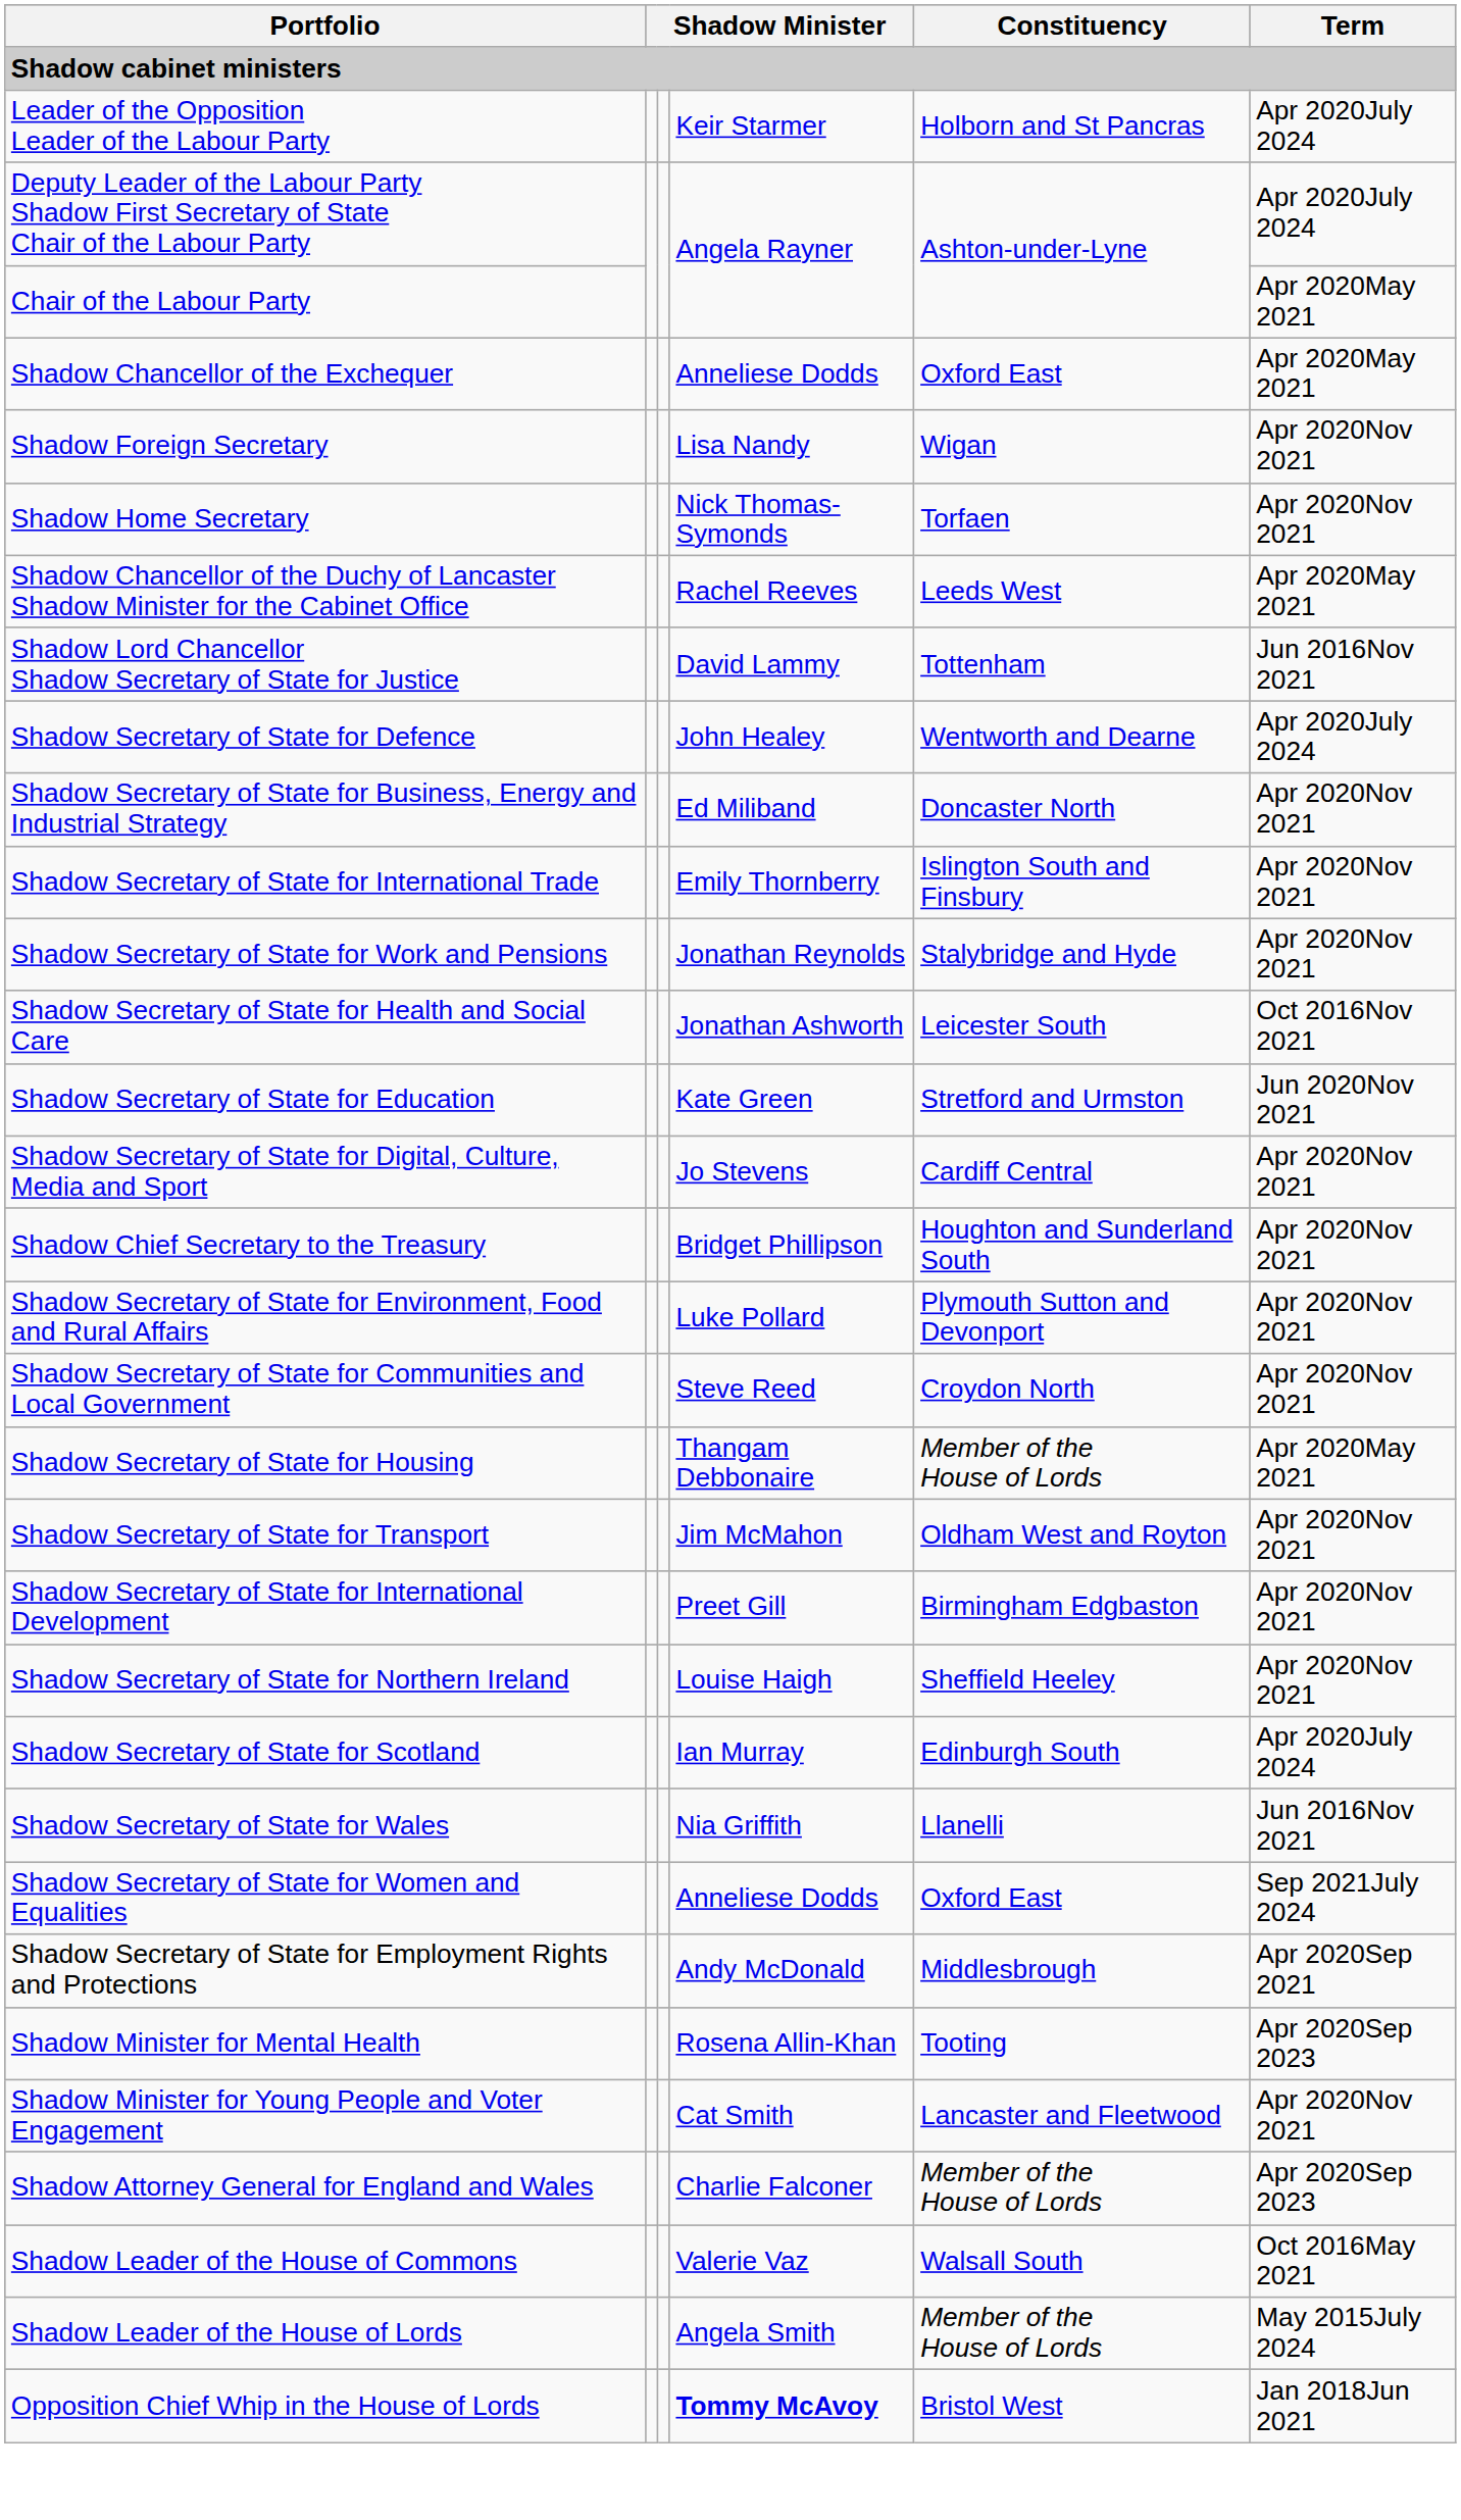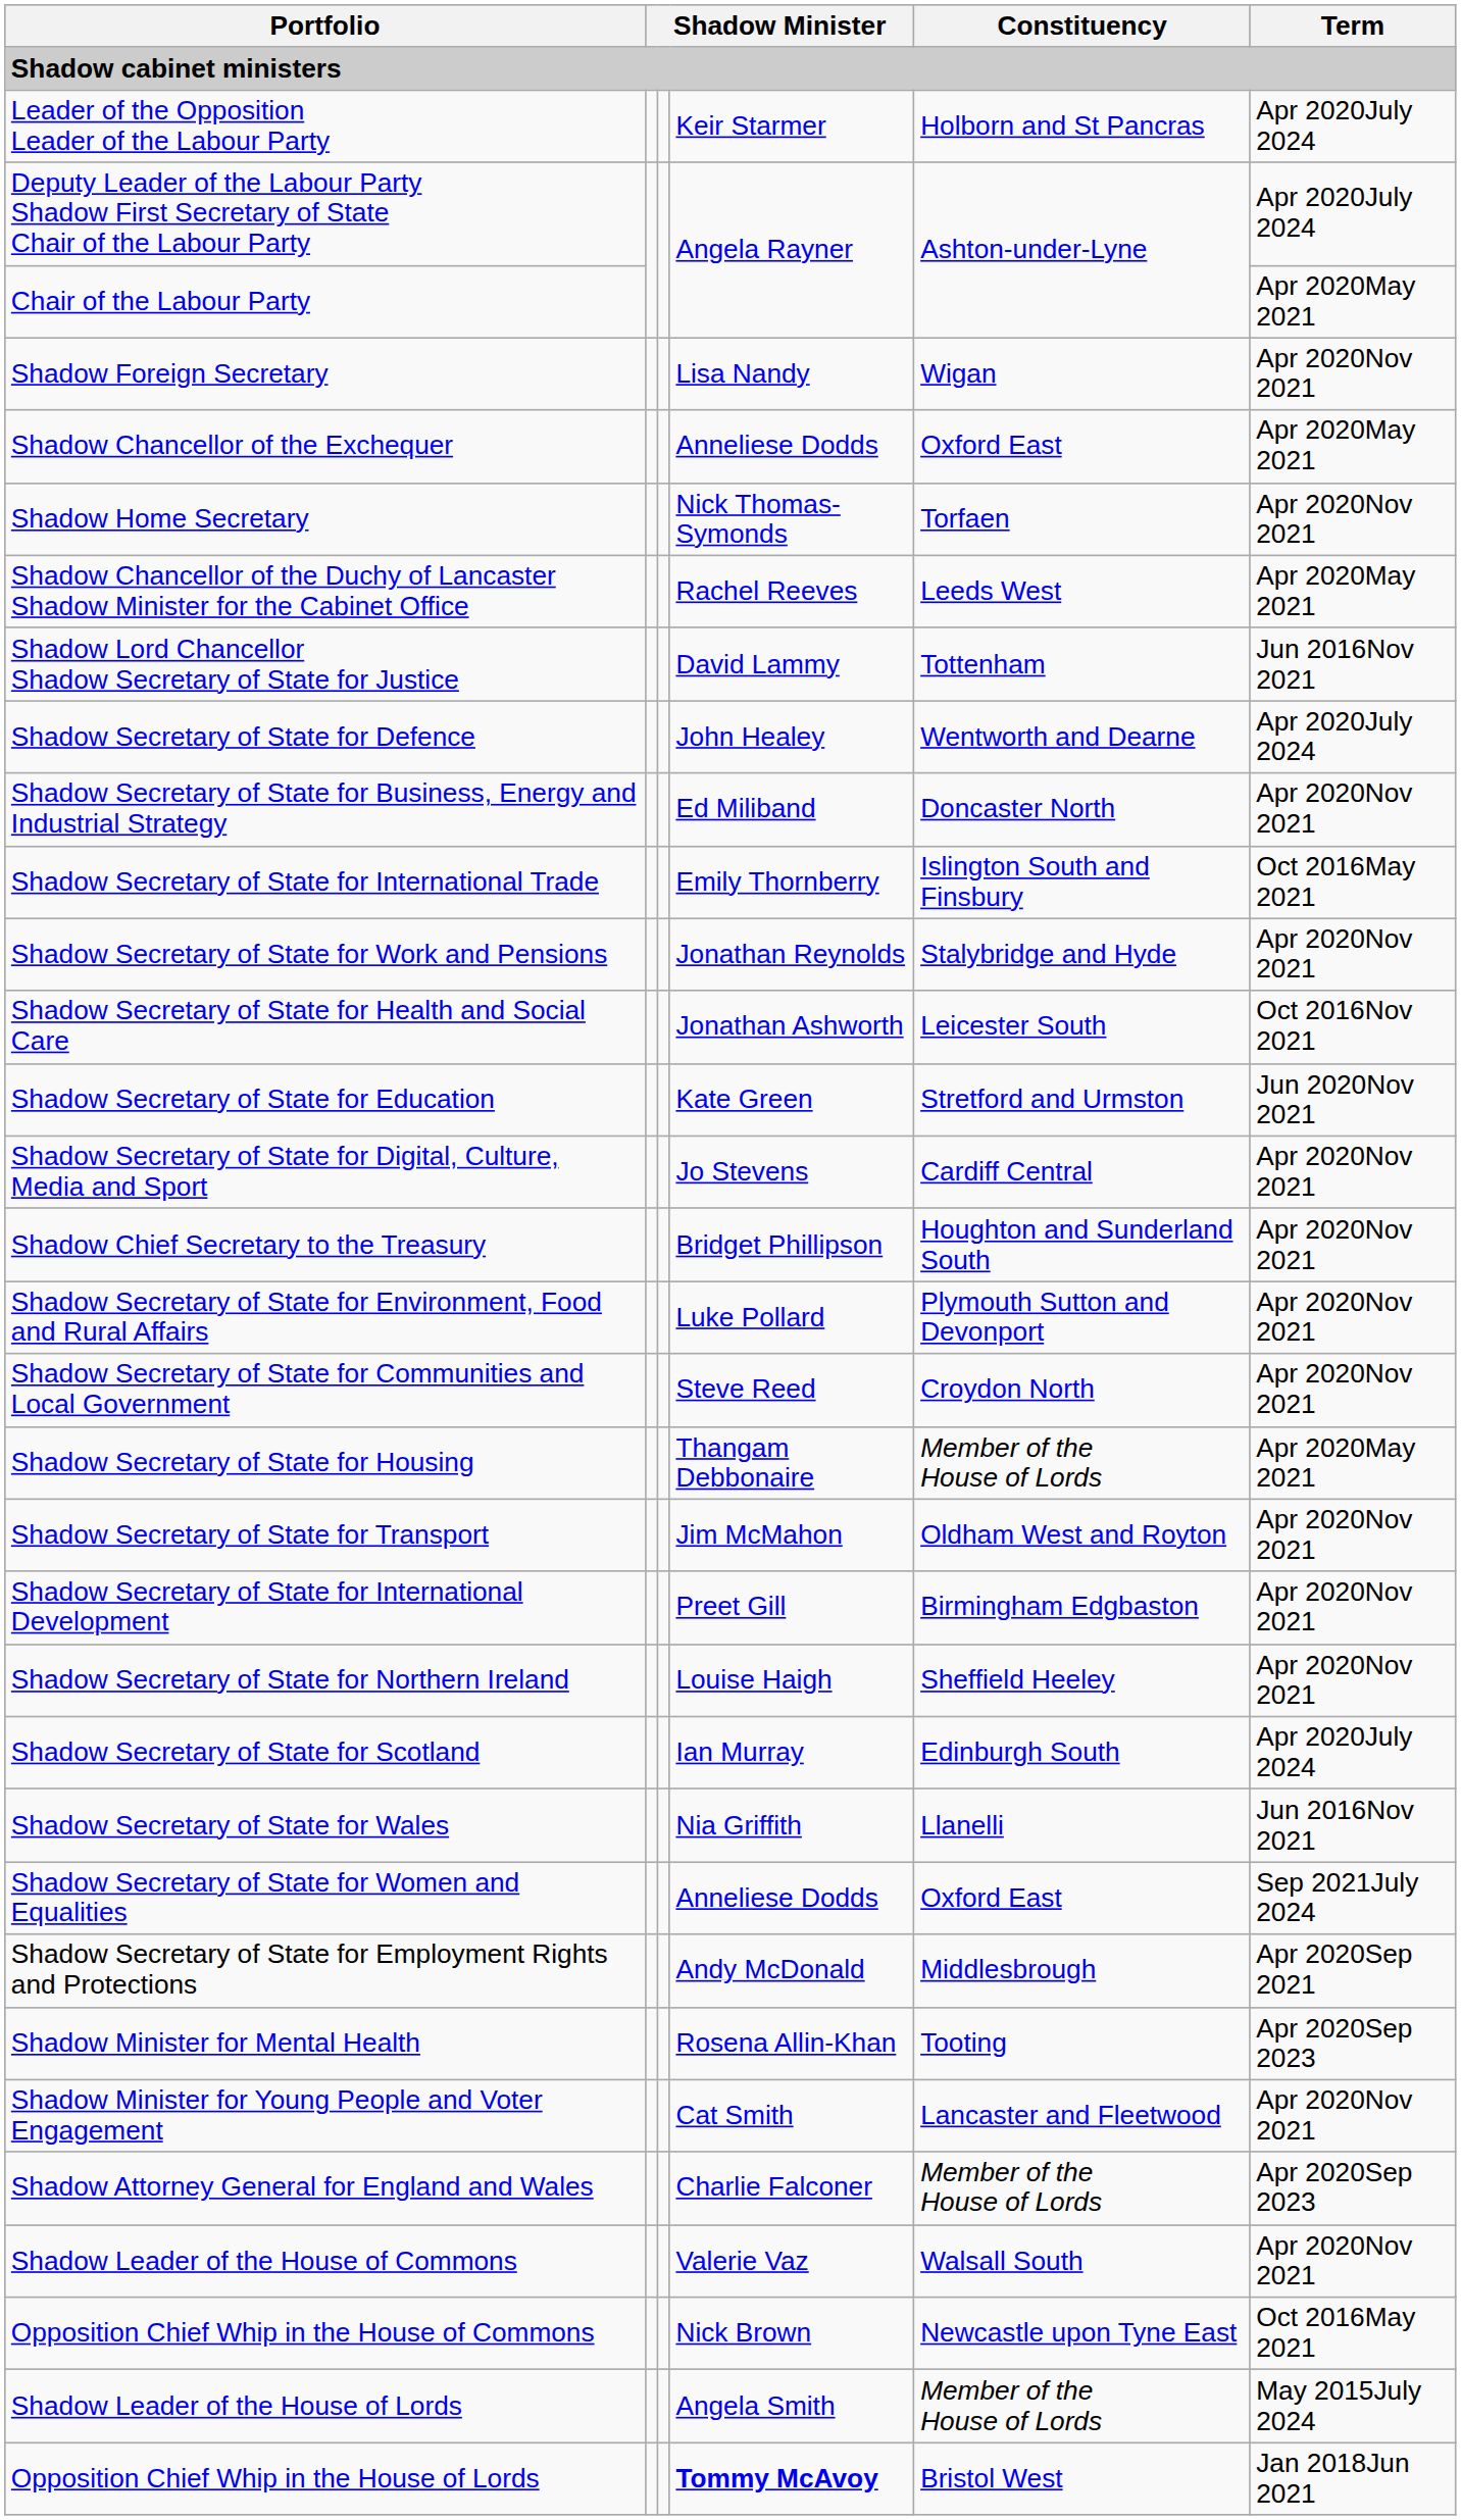 <table class="wikitable">
 <tr>
 <th colspan="1">Portfolio</th>
 <th colspan="3">Shadow Minister</th>
 <th colspan="1">Constituency</th>
 <th colspan="1">Term</th>
 </tr>
 <tr>
 <td style="background:#ccc;" colspan="6"><strong>Shadow cabinet ministers</strong></td>
 </tr>
 <tr>
 <td><a href='#'>Leader of the Opposition</a><br><a href='#'>Leader of the Labour Party</a></td>
 <td style="background: "></td>
 <td></td>
 <td><a href='#'>Keir Starmer</a></td>
 <td><a href='#'>Holborn and St Pancras</a></td>
 <td>Apr 2020July 2024</td>
 </tr>
 <tr>
 <td><a href='#'>Deputy Leader of the Labour Party</a><br><a href='#'>Shadow First Secretary of State</a><br><a href='#'>Chair of the Labour Party</a></td>
 <td rowspan="2" style="background: "></td>
 <td rowspan="2"></td>
 <td rowspan="2"><a href='#'>Angela Rayner</a></td>
 <td rowspan="2"><a href='#'>Ashton-under-Lyne</a></td>
 <td>Apr 2020July 2024</td>
 </tr>
 <tr>
 <td><a href='#'>Chair of the Labour Party</a></td>
 <td>Apr 2020May 2021</td>
 </tr>
 <tr>
+<td><a href='#'>Shadow Foreign Secretary</a></td>
+<td style="background: "></td>
+<td></td>
+<td><a href='#'>Lisa Nandy</a></td>
+<td><a href='#'>Wigan</a></td>
+<td>Apr 2020Nov 2021</td>
+</tr>
+<tr>
 <td><a href='#'>Shadow Chancellor of the Exchequer</a></td>
 <td style="background: "></td>
 <td></td>
 <td><a href='#'>Anneliese Dodds</a></td>
 <td><a href='#'>Oxford East</a></td>
 <td>Apr 2020May 2021</td>
-</tr>
-<tr>
-<td><a href='#'>Shadow Foreign Secretary</a></td>
-<td style="background: "></td>
-<td></td>
-<td><a href='#'>Lisa Nandy</a></td>
-<td><a href='#'>Wigan</a></td>
-<td>Apr 2020Nov 2021</td>
 </tr>
 <tr>
 <td><a href='#'>Shadow Home Secretary</a></td>
 <td style="background: "></td>
 <td></td>
 <td><a href='#'>Nick Thomas-Symonds</a></td>
 <td><a href='#'>Torfaen</a></td>
 <td>Apr 2020Nov 2021</td>
 </tr>
 <tr>
 <td><a href='#'>Shadow Chancellor of the Duchy of Lancaster</a><br><a href='#'>Shadow Minister for the Cabinet Office</a></td>
 <td style="background: "></td>
 <td></td>
 <td><a href='#'>Rachel Reeves</a></td>
 <td><a href='#'>Leeds West</a></td>
 <td>Apr 2020May 2021</td>
 </tr>
 <tr>
 <td><a href='#'>Shadow Lord Chancellor</a><br><a href='#'>Shadow Secretary of State for Justice</a></td>
 <td style="background: "></td>
 <td></td>
 <td><a href='#'>David Lammy</a></td>
 <td><a href='#'>Tottenham</a></td>
 <td>Jun 2016Nov 2021</td>
 </tr>
 <tr>
 <td><a href='#'>Shadow Secretary of State for Defence</a></td>
 <td style="background: "></td>
 <td></td>
 <td><a href='#'>John Healey</a></td>
 <td><a href='#'>Wentworth and Dearne</a></td>
 <td>Apr 2020July 2024</td>
 </tr>
 <tr>
 <td><a href='#'>Shadow Secretary of State for Business, Energy and Industrial Strategy</a></td>
 <td style="background: "></td>
 <td></td>
 <td><a href='#'>Ed Miliband</a></td>
 <td><a href='#'>Doncaster North</a></td>
 <td>Apr 2020Nov 2021</td>
 </tr>
 <tr>
 <td><a href='#'>Shadow Secretary of State for International Trade</a></td>
 <td style="background: "></td>
 <td></td>
 <td><a href='#'>Emily Thornberry</a></td>
 <td><a href='#'>Islington South and Finsbury</a></td>
-<td>Apr 2020Nov 2021</td>
+<td>Oct 2016May 2021</td>
 </tr>
 <tr>
 <td><a href='#'>Shadow Secretary of State for Work and Pensions</a></td>
 <td style="background: "></td>
 <td></td>
 <td><a href='#'>Jonathan Reynolds</a></td>
 <td><a href='#'>Stalybridge and Hyde</a></td>
 <td>Apr 2020Nov 2021</td>
 </tr>
 <tr>
 <td><a href='#'>Shadow Secretary of State for Health and Social Care</a></td>
 <td style="background: "></td>
 <td></td>
 <td><a href='#'>Jonathan Ashworth</a></td>
 <td><a href='#'>Leicester South</a></td>
 <td>Oct 2016Nov 2021</td>
 </tr>
 <tr>
 <td><a href='#'>Shadow Secretary of State for Education</a></td>
 <td style="background: "></td>
 <td></td>
 <td><a href='#'>Kate Green</a></td>
 <td><a href='#'>Stretford and Urmston</a></td>
 <td>Jun 2020Nov 2021</td>
 </tr>
 <tr>
 <td><a href='#'>Shadow Secretary of State for Digital, Culture, Media and Sport</a></td>
 <td style="background: "></td>
 <td></td>
 <td><a href='#'>Jo Stevens</a></td>
 <td><a href='#'>Cardiff Central</a></td>
 <td>Apr 2020Nov 2021</td>
 </tr>
 <tr>
 <td><a href='#'>Shadow Chief Secretary to the Treasury</a></td>
 <td style="background: "></td>
 <td></td>
 <td><a href='#'>Bridget Phillipson</a></td>
 <td><a href='#'>Houghton and Sunderland South</a></td>
 <td>Apr 2020Nov 2021</td>
 </tr>
 <tr>
 <td><a href='#'>Shadow Secretary of State for Environment, Food and Rural Affairs</a></td>
 <td style="background: "></td>
 <td></td>
 <td><a href='#'>Luke Pollard</a></td>
 <td><a href='#'>Plymouth Sutton and Devonport</a></td>
 <td>Apr 2020Nov 2021</td>
 </tr>
 <tr>
 <td><a href='#'>Shadow Secretary of State for Communities and Local Government</a></td>
 <td style="background: "></td>
 <td></td>
 <td><a href='#'>Steve Reed</a></td>
 <td><a href='#'>Croydon North</a></td>
 <td>Apr 2020Nov 2021</td>
 </tr>
 <tr>
 <td><a href='#'>Shadow Secretary of State for Housing</a></td>
 <td style="background: "></td>
 <td></td>
 <td><a href='#'>Thangam Debbonaire</a></td>
 <td><em>Member of the House of Lords</em></td>
 <td>Apr 2020May 2021</td>
 </tr>
 <tr>
 <td><a href='#'>Shadow Secretary of State for Transport</a></td>
 <td style="background: "></td>
 <td></td>
 <td><a href='#'>Jim McMahon</a></td>
 <td><a href='#'>Oldham West and Royton</a></td>
 <td>Apr 2020Nov 2021</td>
 </tr>
 <tr>
 <td><a href='#'>Shadow Secretary of State for International Development</a></td>
 <td style="background: "></td>
 <td></td>
 <td><a href='#'>Preet Gill</a></td>
 <td><a href='#'>Birmingham Edgbaston</a></td>
 <td>Apr 2020Nov 2021</td>
 </tr>
 <tr>
 <td><a href='#'>Shadow Secretary of State for Northern Ireland</a></td>
 <td style="background: "></td>
 <td></td>
 <td><a href='#'>Louise Haigh</a></td>
 <td><a href='#'>Sheffield Heeley</a></td>
 <td>Apr 2020Nov 2021</td>
 </tr>
 <tr>
 <td><a href='#'>Shadow Secretary of State for Scotland</a></td>
 <td style="background: "></td>
 <td></td>
 <td><a href='#'>Ian Murray</a></td>
 <td><a href='#'>Edinburgh South</a></td>
 <td>Apr 2020July 2024</td>
 </tr>
 <tr>
 <td><a href='#'>Shadow Secretary of State for Wales</a></td>
 <td style="background: "></td>
 <td></td>
 <td><a href='#'>Nia Griffith</a></td>
 <td><a href='#'>Llanelli</a></td>
 <td>Jun 2016Nov 2021</td>
 </tr>
 <tr>
 <td><a href='#'>Shadow Secretary of State for Women and Equalities</a></td>
 <td style="background: "></td>
 <td></td>
 <td><a href='#'>Anneliese Dodds</a></td>
 <td><a href='#'>Oxford East</a></td>
 <td>Sep 2021July 2024</td>
 </tr>
 <tr>
 <td>Shadow Secretary of State for Employment Rights and Protections</td>
 <td style="background: "></td>
 <td></td>
 <td><a href='#'>Andy McDonald</a></td>
 <td><a href='#'>Middlesbrough</a></td>
 <td>Apr 2020Sep 2021</td>
 </tr>
 <tr>
 <td><a href='#'>Shadow Minister for Mental Health</a></td>
 <td style="background: "></td>
 <td></td>
 <td><a href='#'>Rosena Allin-Khan</a></td>
 <td><a href='#'>Tooting</a></td>
 <td>Apr 2020Sep 2023</td>
 </tr>
 <tr>
 <td><a href='#'>Shadow Minister for Young People and Voter Engagement</a></td>
 <td style="background: "></td>
 <td></td>
 <td><a href='#'>Cat Smith</a></td>
 <td><a href='#'>Lancaster and Fleetwood</a></td>
 <td>Apr 2020Nov 2021</td>
 </tr>
 <tr>
 <td><a href='#'>Shadow Attorney General for England and Wales</a></td>
 <td style="background: "></td>
 <td></td>
 <td><a href='#'>Charlie Falconer</a></td>
 <td><em>Member of the House of Lords</em></td>
 <td>Apr 2020Sep 2023</td>
 </tr>
 <tr>
 <td><a href='#'>Shadow Leader of the House of Commons</a></td>
 <td style="background: "></td>
 <td></td>
 <td><a href='#'>Valerie Vaz</a></td>
 <td><a href='#'>Walsall South</a></td>
+<td>Apr 2020Nov 2021</td>
+</tr>
+<tr>
+<td><a href='#'>Opposition Chief Whip in the House of Commons</a></td>
+<td style="background: "></td>
+<td></td>
+<td><a href='#'>Nick Brown</a></td>
+<td><a href='#'>Newcastle upon Tyne East</a></td>
 <td>Oct 2016May 2021</td>
 </tr>
 <tr>
 <td><a href='#'>Shadow Leader of the House of Lords</a></td>
 <td style="background: "></td>
 <td></td>
 <td><a href='#'>Angela Smith</a></td>
 <td><em>Member of the House of Lords</em></td>
 <td>May 2015July 2024</td>
 </tr>
 <tr>
 <td><a href='#'>Opposition Chief Whip in the House of Lords</a></td>
 <td style="background: "></td>
 <td></td>
 <td><strong><a href='#'>Tommy McAvoy</a></strong></td>
 <td><a href='#'>Bristol West</a></td>
 <td>Jan 2018Jun 2021</td>
 </tr>
 </table>
